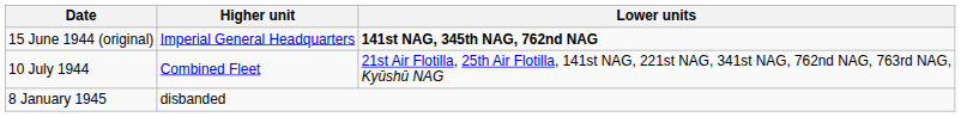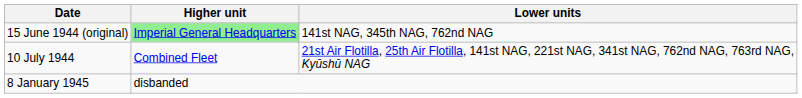 <table class="wikitable">
 <tr>
 <th>Date</th>
 <th>Higher unit</th>
 <th>Lower units</th>
 </tr>
 <tr>
 <td>15 June 1944 (original)</td>
-<td><a href='#'>Imperial General Headquarters</a></td>
-<td><strong>141st NAG, 345th NAG, 762nd NAG</strong></td>
+<td style="background: lightgreen;"><a href='#'>Imperial General Headquarters</a></td>
+<td>141st NAG, 345th NAG, 762nd NAG</td>
 </tr>
 <tr>
 <td>10 July 1944</td>
 <td><a href='#'>Combined Fleet</a></td>
 <td><a href='#'>21st Air Flotilla</a>, <a href='#'>25th Air Flotilla</a>, 141st NAG, 221st NAG, 341st NAG, 762nd NAG, 763rd NAG,<br><em>Kyūshū NAG</em></td>
 </tr>
 <tr>
 <td>8 January 1945</td>
 <td colspan="3">disbanded</td>
 </tr>
 </table>
